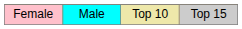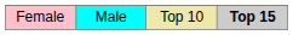 <table border="2" cellpadding="4" style="background:orange; border:1px solid gray; border-collapse:collapse; margin:1em auto; text-align:center;">
 <tr>
 </tr>
 <tr>
 <td style="background:pink;" width="20%">Female</td>
 <td style="background:cyan;" width="20%">Male</td>
 <td style="background:palegoldenrod;" width="20%">Top 10</td>
-<td style="background:#CCCCCC;" width="20%">Top 15</td>
+<td style="background:#CCCCCC;" width="20%"><strong>Top 15</strong></td>
 </tr>
 </table>
